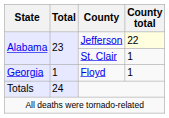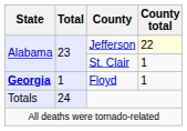 <table class="wikitable" style="margin:0 0 0.5em 1em;float:left;">
 <tr>
 <th>State</th>
 <th>Total</th>
 <th>County</th>
 <th>County<br>total</th>
 </tr>
 <tr>
 <td rowspan=2 bgcolor="#e6e9ff"><a href='#'>Alabama</a></td>
 <td rowspan=2 bgcolor="#e6e9ff">23</td>
 <td><a href='#'>Jefferson</a></td>
 <td style="background: lightyellow;">22</td>
 </tr>
 <tr>
 <td><a href='#'>St. Clair</a></td>
 <td>1</td>
 </tr>
 <tr>
-<td rowspan=1 bgcolor="#e6e9ff"><a href='#'>Georgia</a></td>
+<td rowspan=1 bgcolor="#e6e9ff"><strong><a href='#'>Georgia</a></strong></td>
 <td rowspan=1 bgcolor="#e6e9ff">1</td>
 <td><a href='#'>Floyd</a></td>
 <td>1</td>
 </tr>
 <tr>
 <td bgcolor="#e6e9ff">Totals</td>
 <td bgcolor="#e6e9ff">24</td>
 <td colspan=2></td>
 </tr>
 <tr>
 <td colspan=4 align=center><small>All deaths were tornado-related</small></td>
 </tr>
 </table>
